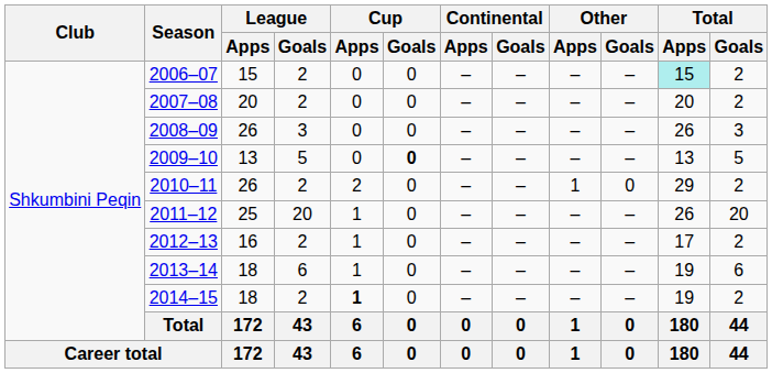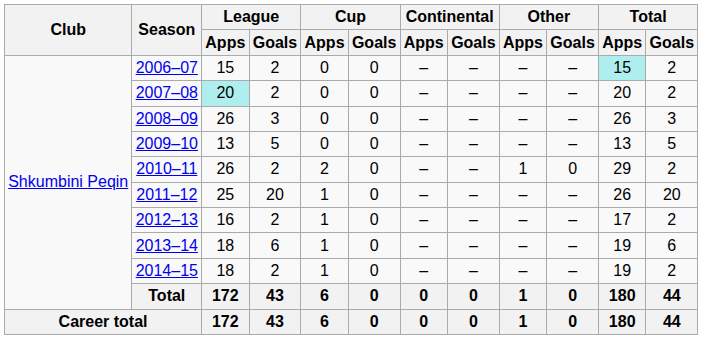 <table class="wikitable" style="text-align: center;">
 <tr>
 <th rowspan="2">Club</th>
 <th rowspan="2">Season</th>
 <th colspan="2">League</th>
 <th colspan="2">Cup</th>
 <th colspan="2">Continental</th>
 <th colspan="2">Other</th>
 <th colspan="2">Total</th>
 </tr>
 <tr>
 <th>Apps</th>
 <th>Goals</th>
 <th>Apps</th>
 <th>Goals</th>
 <th>Apps</th>
 <th>Goals</th>
 <th>Apps</th>
 <th>Goals</th>
 <th>Apps</th>
 <th>Goals</th>
 </tr>
 <tr>
 <td rowspan="11" valign="center"><a href='#'>Shkumbini Peqin</a></td>
 </tr>
 <tr>
 <td><a href='#'>2006–07</a></td>
 <td>15</td>
 <td>2</td>
 <td>0</td>
 <td>0</td>
 <td>–</td>
 <td>–</td>
 <td>–</td>
 <td>–</td>
 <td style="background: paleturquoise;">15</td>
 <td>2</td>
 </tr>
 <tr>
 <td><a href='#'>2007–08</a></td>
-<td>20</td>
+<td style="background: paleturquoise;">20</td>
 <td>2</td>
 <td>0</td>
 <td>0</td>
 <td>–</td>
 <td>–</td>
 <td>–</td>
 <td>–</td>
 <td>20</td>
 <td>2</td>
 </tr>
 <tr>
 <td><a href='#'>2008–09</a></td>
 <td>26</td>
 <td>3</td>
 <td>0</td>
 <td>0</td>
 <td>–</td>
 <td>–</td>
 <td>–</td>
 <td>–</td>
 <td>26</td>
 <td>3</td>
 </tr>
 <tr>
 <td><a href='#'>2009–10</a></td>
 <td>13</td>
 <td>5</td>
 <td>0</td>
-<td><strong>0</strong></td>
+<td>0</td>
 <td>–</td>
 <td>–</td>
 <td>–</td>
 <td>–</td>
 <td>13</td>
 <td>5</td>
 </tr>
 <tr>
 <td><a href='#'>2010–11</a></td>
 <td>26</td>
 <td>2</td>
 <td>2</td>
 <td>0</td>
 <td>–</td>
 <td>–</td>
 <td>1</td>
 <td>0</td>
 <td>29</td>
 <td>2</td>
 </tr>
 <tr>
 <td><a href='#'>2011–12</a></td>
 <td>25</td>
 <td>20</td>
 <td>1</td>
 <td>0</td>
 <td>–</td>
 <td>–</td>
 <td>–</td>
 <td>–</td>
 <td>26</td>
 <td>20</td>
 </tr>
 <tr>
 <td><a href='#'>2012–13</a></td>
 <td>16</td>
 <td>2</td>
 <td>1</td>
 <td>0</td>
 <td>–</td>
 <td>–</td>
 <td>–</td>
 <td>–</td>
 <td>17</td>
 <td>2</td>
 </tr>
 <tr>
 <td><a href='#'>2013–14</a></td>
 <td>18</td>
 <td>6</td>
 <td>1</td>
 <td>0</td>
 <td>–</td>
 <td>–</td>
 <td>–</td>
 <td>–</td>
 <td>19</td>
 <td>6</td>
 </tr>
 <tr>
 <td><a href='#'>2014–15</a></td>
 <td>18</td>
 <td>2</td>
-<td><strong>1</strong></td>
+<td>1</td>
 <td>0</td>
 <td>–</td>
 <td>–</td>
 <td>–</td>
 <td>–</td>
 <td>19</td>
 <td>2</td>
 </tr>
 <tr>
 <th>Total</th>
 <th>172</th>
 <th>43</th>
 <th>6</th>
 <th>0</th>
 <th>0</th>
 <th>0</th>
 <th>1</th>
 <th>0</th>
 <th>180</th>
 <th>44</th>
 </tr>
 <tr>
 <th colspan="2">Career total</th>
 <th>172</th>
 <th>43</th>
 <th>6</th>
 <th>0</th>
 <th>0</th>
 <th>0</th>
 <th>1</th>
 <th>0</th>
 <th>180</th>
 <th>44</th>
 </tr>
 </table>
